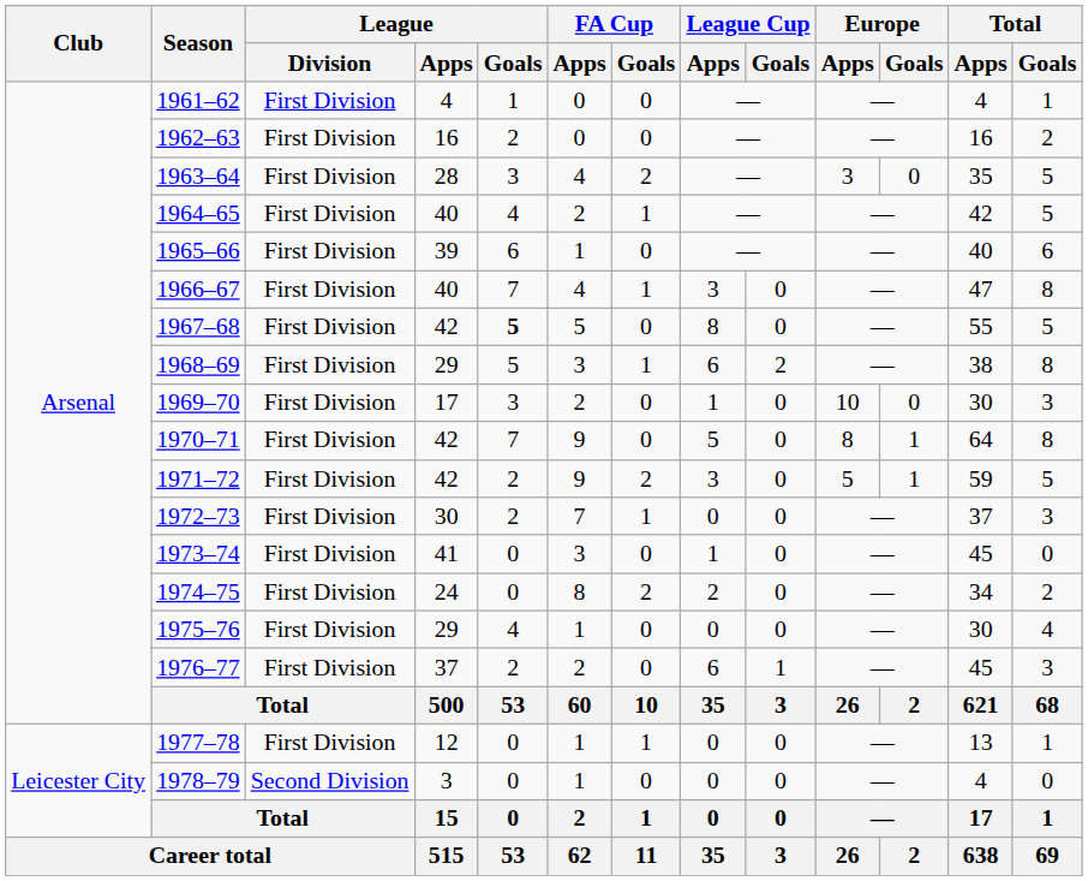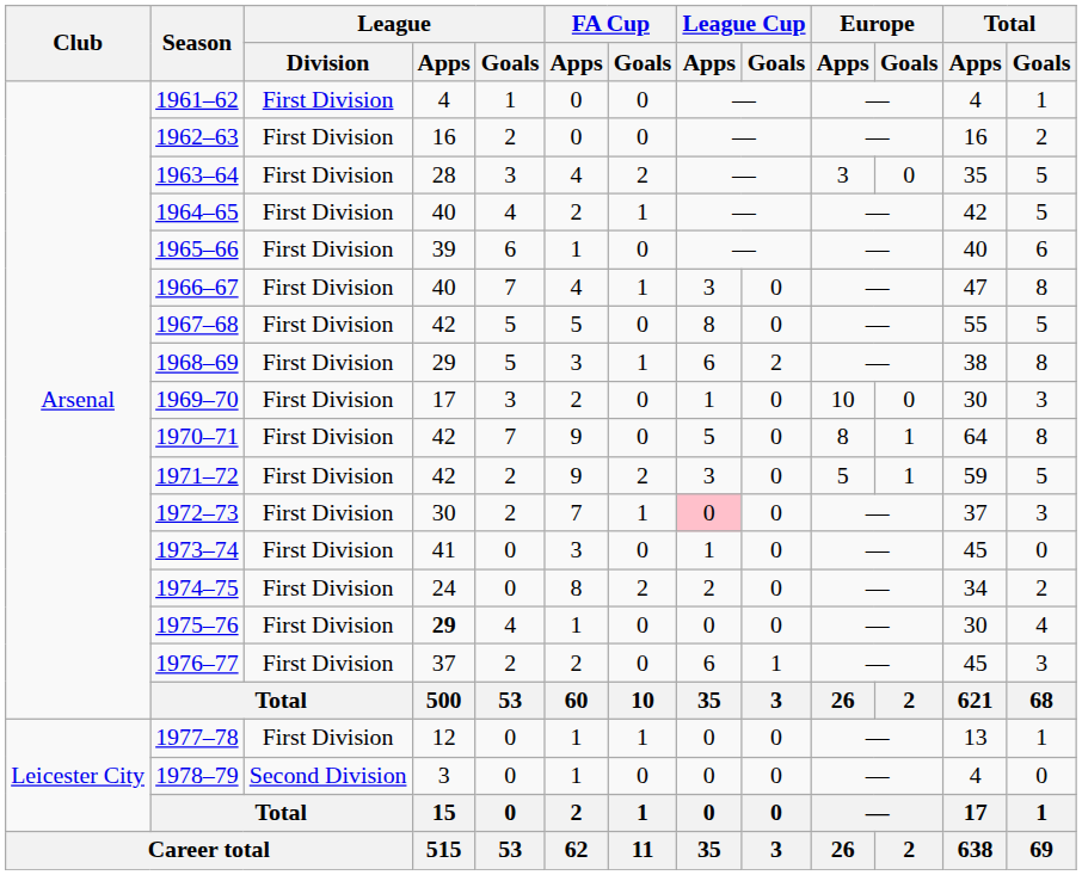 <table class="wikitable" style="text-align: center;">
 <tr>
 <th rowspan="2">Club</th>
 <th rowspan="2">Season</th>
 <th colspan="3">League</th>
 <th colspan="2"><a href='#'>FA Cup</a></th>
 <th colspan="2"><a href='#'>League Cup</a></th>
 <th colspan="2">Europe</th>
 <th colspan="2">Total</th>
 </tr>
 <tr>
 <th>Division</th>
 <th>Apps</th>
 <th>Goals</th>
 <th>Apps</th>
 <th>Goals</th>
 <th>Apps</th>
 <th>Goals</th>
 <th>Apps</th>
 <th>Goals</th>
 <th>Apps</th>
 <th>Goals</th>
 </tr>
 <tr>
 <td rowspan="17"><a href='#'>Arsenal</a></td>
 <td><a href='#'>1961–62</a></td>
 <td><a href='#'>First Division</a></td>
 <td>4</td>
 <td>1</td>
 <td>0</td>
 <td>0</td>
 <td colspan="2">—</td>
 <td colspan="2">—</td>
 <td>4</td>
 <td>1</td>
 </tr>
 <tr>
 <td><a href='#'>1962–63</a></td>
 <td>First Division</td>
 <td>16</td>
 <td>2</td>
 <td>0</td>
 <td>0</td>
 <td colspan="2">—</td>
 <td colspan="2">—</td>
 <td>16</td>
 <td>2</td>
 </tr>
 <tr>
 <td><a href='#'>1963–64</a></td>
 <td>First Division</td>
 <td>28</td>
 <td>3</td>
 <td>4</td>
 <td>2</td>
 <td colspan="2">—</td>
 <td>3</td>
 <td>0</td>
 <td>35</td>
 <td>5</td>
 </tr>
 <tr>
 <td><a href='#'>1964–65</a></td>
 <td>First Division</td>
 <td>40</td>
 <td>4</td>
 <td>2</td>
 <td>1</td>
 <td colspan="2">—</td>
 <td colspan="2">—</td>
 <td>42</td>
 <td>5</td>
 </tr>
 <tr>
 <td><a href='#'>1965–66</a></td>
 <td>First Division</td>
 <td>39</td>
 <td>6</td>
 <td>1</td>
 <td>0</td>
 <td colspan="2">—</td>
 <td colspan="2">—</td>
 <td>40</td>
 <td>6</td>
 </tr>
 <tr>
 <td><a href='#'>1966–67</a></td>
 <td>First Division</td>
 <td>40</td>
 <td>7</td>
 <td>4</td>
 <td>1</td>
 <td>3</td>
 <td>0</td>
 <td colspan="2">—</td>
 <td>47</td>
 <td>8</td>
 </tr>
 <tr>
 <td><a href='#'>1967–68</a></td>
 <td>First Division</td>
 <td>42</td>
-<td><strong>5</strong></td>
+<td>5</td>
 <td>5</td>
 <td>0</td>
 <td>8</td>
 <td>0</td>
 <td colspan="2">—</td>
 <td>55</td>
 <td>5</td>
 </tr>
 <tr>
 <td><a href='#'>1968–69</a></td>
 <td>First Division</td>
 <td>29</td>
 <td>5</td>
 <td>3</td>
 <td>1</td>
 <td>6</td>
 <td>2</td>
 <td colspan="2">—</td>
 <td>38</td>
 <td>8</td>
 </tr>
 <tr>
 <td><a href='#'>1969–70</a></td>
 <td>First Division</td>
 <td>17</td>
 <td>3</td>
 <td>2</td>
 <td>0</td>
 <td>1</td>
 <td>0</td>
 <td>10</td>
 <td>0</td>
 <td>30</td>
 <td>3</td>
 </tr>
 <tr>
 <td><a href='#'>1970–71</a></td>
 <td>First Division</td>
 <td>42</td>
 <td>7</td>
 <td>9</td>
 <td>0</td>
 <td>5</td>
 <td>0</td>
 <td>8</td>
 <td>1</td>
 <td>64</td>
 <td>8</td>
 </tr>
 <tr>
 <td><a href='#'>1971–72</a></td>
 <td>First Division</td>
 <td>42</td>
 <td>2</td>
 <td>9</td>
 <td>2</td>
 <td>3</td>
 <td>0</td>
 <td>5</td>
 <td>1</td>
 <td>59</td>
 <td>5</td>
 </tr>
 <tr>
 <td><a href='#'>1972–73</a></td>
 <td>First Division</td>
 <td>30</td>
 <td>2</td>
 <td>7</td>
 <td>1</td>
-<td>0</td>
+<td style="background: pink;">0</td>
 <td>0</td>
 <td colspan="2">—</td>
 <td>37</td>
 <td>3</td>
 </tr>
 <tr>
 <td><a href='#'>1973–74</a></td>
 <td>First Division</td>
 <td>41</td>
 <td>0</td>
 <td>3</td>
 <td>0</td>
 <td>1</td>
 <td>0</td>
 <td colspan="2">—</td>
 <td>45</td>
 <td>0</td>
 </tr>
 <tr>
 <td><a href='#'>1974–75</a></td>
 <td>First Division</td>
 <td>24</td>
 <td>0</td>
 <td>8</td>
 <td>2</td>
 <td>2</td>
 <td>0</td>
 <td colspan="2">—</td>
 <td>34</td>
 <td>2</td>
 </tr>
 <tr>
 <td><a href='#'>1975–76</a></td>
 <td>First Division</td>
-<td>29</td>
+<td><strong>29</strong></td>
 <td>4</td>
 <td>1</td>
 <td>0</td>
 <td>0</td>
 <td>0</td>
 <td colspan="2">—</td>
 <td>30</td>
 <td>4</td>
 </tr>
 <tr>
 <td><a href='#'>1976–77</a></td>
 <td>First Division</td>
 <td>37</td>
 <td>2</td>
 <td>2</td>
 <td>0</td>
 <td>6</td>
 <td>1</td>
 <td colspan="2">—</td>
 <td>45</td>
 <td>3</td>
 </tr>
 <tr>
 <th colspan="2">Total</th>
 <th>500</th>
 <th>53</th>
 <th>60</th>
 <th>10</th>
 <th>35</th>
 <th>3</th>
 <th>26</th>
 <th>2</th>
 <th>621</th>
 <th>68</th>
 </tr>
 <tr>
 <td rowspan="3"><a href='#'>Leicester City</a></td>
 <td><a href='#'>1977–78</a></td>
 <td>First Division</td>
 <td>12</td>
 <td>0</td>
 <td>1</td>
 <td>1</td>
 <td>0</td>
 <td>0</td>
 <td colspan="2">—</td>
 <td>13</td>
 <td>1</td>
 </tr>
 <tr>
 <td><a href='#'>1978–79</a></td>
 <td><a href='#'>Second Division</a></td>
 <td>3</td>
 <td>0</td>
 <td>1</td>
 <td>0</td>
 <td>0</td>
 <td>0</td>
 <td colspan="2">—</td>
 <td>4</td>
 <td>0</td>
 </tr>
 <tr>
 <th colspan="2">Total</th>
 <th>15</th>
 <th>0</th>
 <th>2</th>
 <th>1</th>
 <th>0</th>
 <th>0</th>
 <th colspan="2">—</th>
 <th>17</th>
 <th>1</th>
 </tr>
 <tr>
 <th colspan="3">Career total</th>
 <th>515</th>
 <th>53</th>
 <th>62</th>
 <th>11</th>
 <th>35</th>
 <th>3</th>
 <th>26</th>
 <th>2</th>
 <th>638</th>
 <th>69</th>
 </tr>
 </table>
